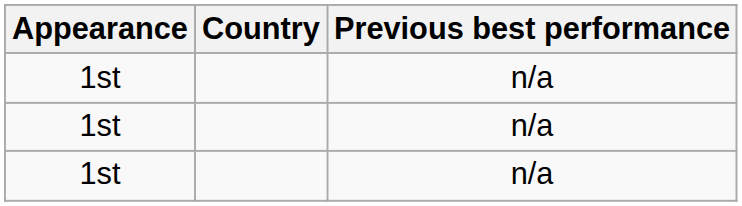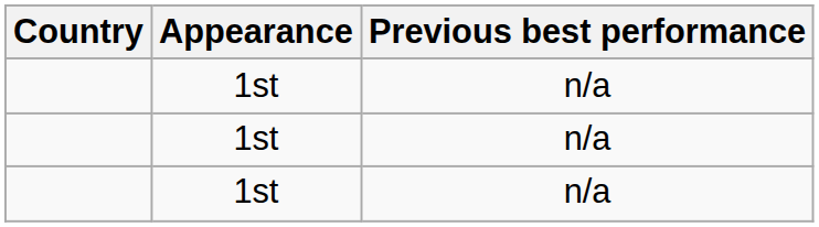 <table class="wikitable sortable" style="text-align:left;">
 <tr>
+<th>Country</th>
 <th>Appearance</th>
-<th>Country</th>
 <th>Previous best performance</th>
 </tr>
 <tr>
+<td></td>
 <td align="center">1st</td>
-<td></td>
 <td align=center>n/a</td>
 </tr>
 <tr>
+<td></td>
 <td align="center">1st</td>
-<td></td>
 <td align=center>n/a</td>
 </tr>
 <tr>
+<td></td>
 <td align="center">1st</td>
-<td></td>
 <td align=center>n/a</td>
 </tr>
 </table>
